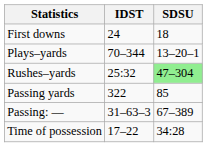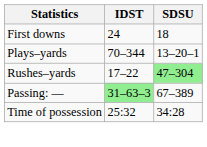 <table class="wikitable" style="float:left">
 <tr>
 <th>Statistics</th>
 <th>IDST</th>
 <th>SDSU</th>
 </tr>
 <tr>
 <td>First downs</td>
 <td>24</td>
 <td>18</td>
 </tr>
 <tr>
 <td>Plays–yards</td>
 <td>70–344</td>
 <td>13–20–1</td>
 </tr>
 <tr>
 <td>Rushes–yards</td>
-<td>25:32</td>
+<td>17–22</td>
 <td style="background: lightgreen;">47–304</td>
 </tr>
 <tr>
-<td>Passing yards</td>
-<td>322</td>
-<td>85</td>
-</tr>
-<tr>
 <td>Passing: ––</td>
-<td>31–63–3</td>
+<td style="background: lightgreen;">31–63–3</td>
 <td>67–389</td>
 </tr>
 <tr>
 <td>Time of possession</td>
-<td>17–22</td>
+<td>25:32</td>
 <td>34:28</td>
 </tr>
 </table>
